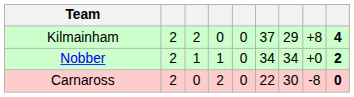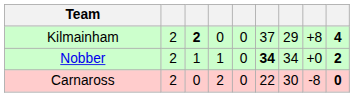 <table class="wikitable" style="text-align:center">
 <tr>
 <th style="width:175px;">Team</th>
 <th width="20"></th>
 <th width="20"></th>
 <th width="20"></th>
 <th width="20"></th>
 <th width="20"></th>
 <th width="20"></th>
 <th width="20"></th>
 <th width="20"></th>
 </tr>
 <tr style="background:#cfc;">
 <td>Kilmainham</td>
 <td>2</td>
-<td>2</td>
+<td><strong>2</strong></td>
 <td>0</td>
 <td>0</td>
 <td>37</td>
 <td>29</td>
 <td>+8</td>
 <td><strong>4</strong></td>
 </tr>
 <tr style="background:#cfc;">
 <td><a href='#'>Nobber</a></td>
 <td>2</td>
 <td>1</td>
 <td>1</td>
 <td>0</td>
-<td>34</td>
+<td><strong>34</strong></td>
 <td>34</td>
 <td>+0</td>
 <td><strong>2</strong></td>
 </tr>
 <tr style="background:#fcc;">
 <td>Carnaross</td>
 <td>2</td>
 <td>0</td>
 <td>2</td>
 <td>0</td>
 <td>22</td>
 <td>30</td>
 <td>-8</td>
 <td><strong>0</strong></td>
 </tr>
 </table>
